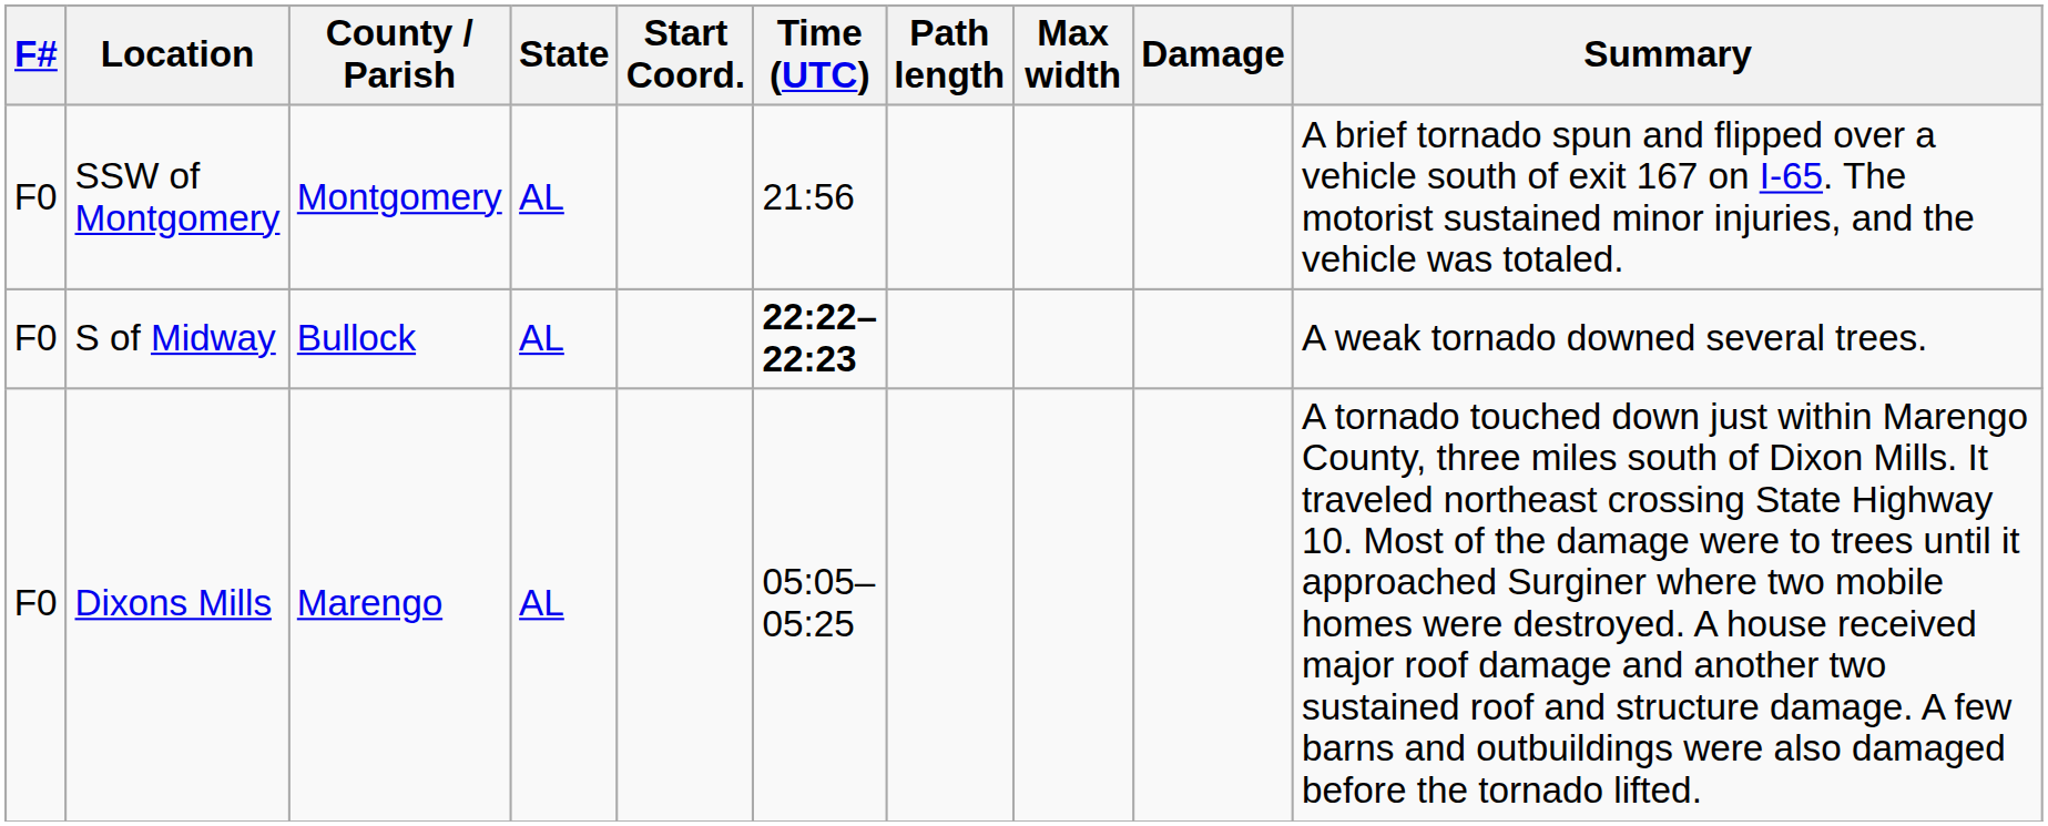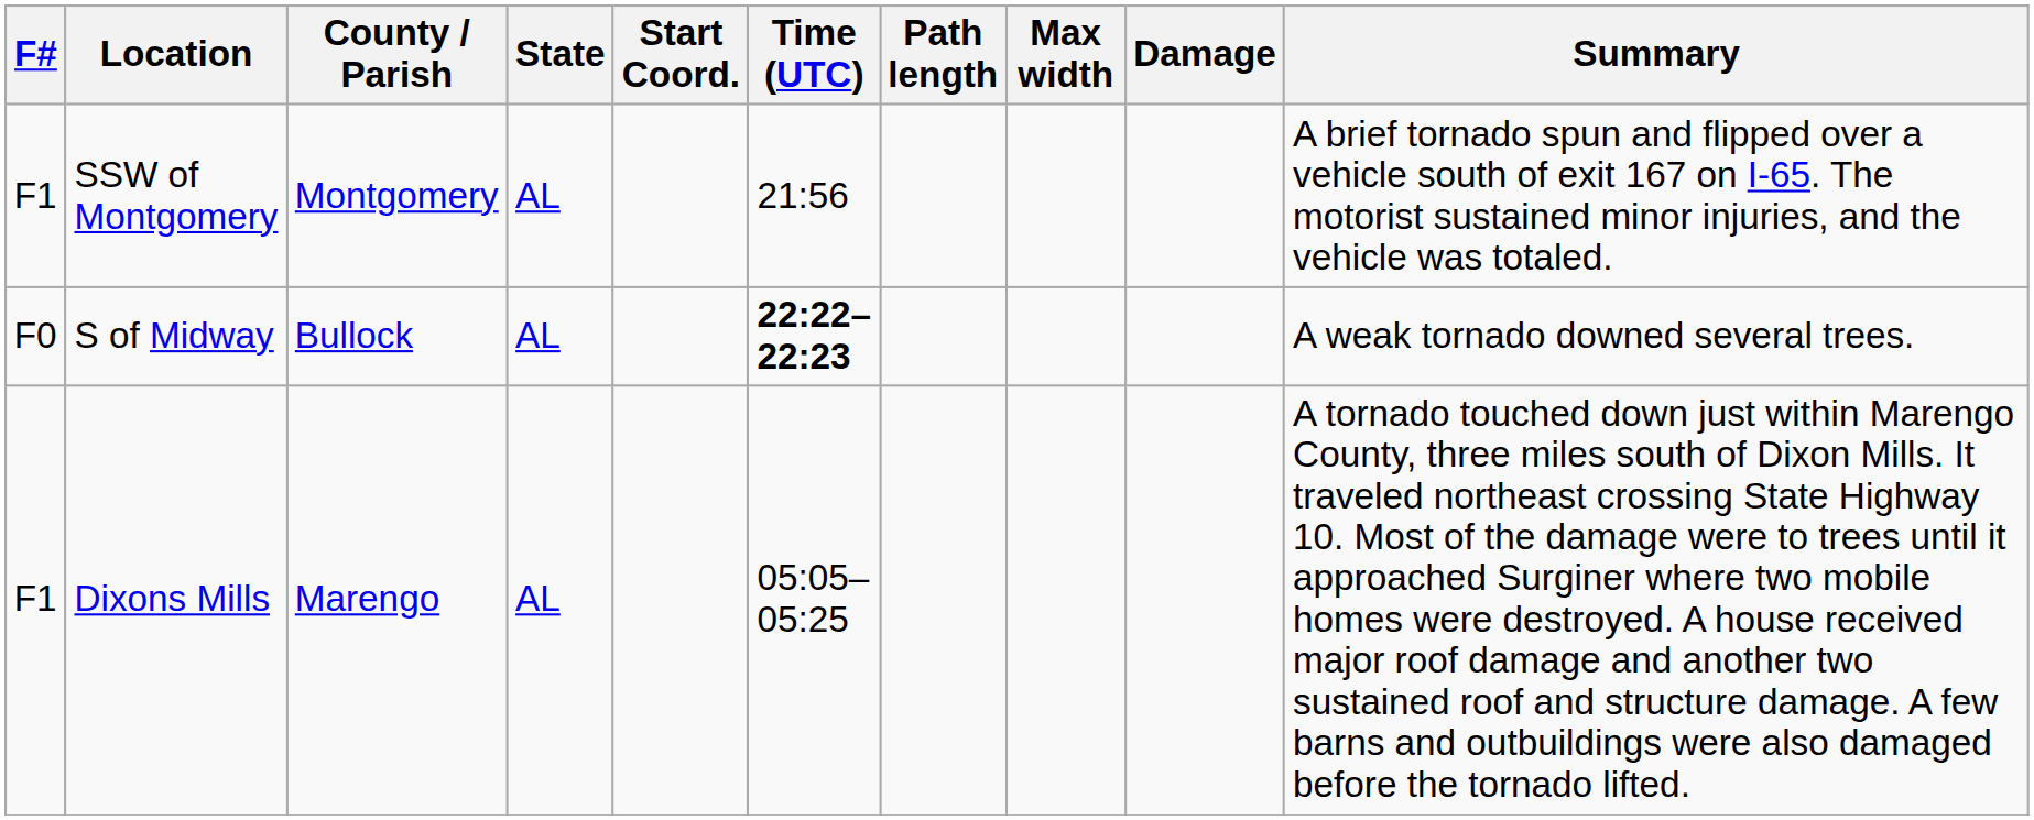 <table class="wikitable sortable" style="width:100%;">
 <tr>
 <th scope="col"  style="width:3%; text-align:center;"><a href='#'>F#</a></th>
 <th scope="col"  style="width:7%; text-align:center;" class="unsortable">Location</th>
 <th scope="col"  style="width:6%; text-align:center;" class="unsortable">County / Parish</th>
 <th scope="col"  style="width:5%; text-align:center;">State</th>
 <th scope="col"  style="width:6%; text-align:center;">Start Coord.</th>
 <th scope="col"  style="width:6%; text-align:center;">Time (<a href='#'>UTC</a>)</th>
 <th scope="col"  style="width:6%; text-align:center;">Path length</th>
 <th scope="col"  style="width:6%; text-align:center;">Max width</th>
 <th scope="col"  style="width:6%; text-align:center;">Damage</th>
 <th scope="col" class="unsortable" style="width:48%; text-align:center;">Summary</th>
 </tr>
 <tr>
-<td>F0</td>
+<td>F1</td>
 <td>SSW of <a href='#'>Montgomery</a></td>
 <td><a href='#'>Montgomery</a></td>
 <td><a href='#'>AL</a></td>
 <td></td>
 <td>21:56</td>
 <td></td>
 <td></td>
 <td></td>
 <td>A brief tornado spun and flipped over a vehicle south of exit 167 on <a href='#'>I-65</a>. The motorist sustained minor injuries, and the vehicle was totaled.</td>
 </tr>
 <tr>
 <td>F0</td>
 <td>S of <a href='#'>Midway</a></td>
 <td><a href='#'>Bullock</a></td>
 <td><a href='#'>AL</a></td>
 <td></td>
 <td><strong>22:22–22:23</strong></td>
 <td></td>
 <td></td>
 <td></td>
 <td>A weak tornado downed several trees.</td>
 </tr>
 <tr>
-<td>F0</td>
+<td>F1</td>
 <td><a href='#'>Dixons Mills</a></td>
 <td><a href='#'>Marengo</a></td>
 <td><a href='#'>AL</a></td>
 <td></td>
 <td>05:05–05:25</td>
 <td></td>
 <td></td>
 <td></td>
 <td>A tornado touched down just within Marengo County, three miles south of Dixon Mills. It traveled northeast crossing State Highway 10. Most of the damage were to trees until it approached Surginer where two mobile homes were destroyed. A house received major roof damage and another two sustained roof and structure damage. A few barns and outbuildings were also damaged before the tornado lifted.</td>
 </tr>
 <tr>
 </tr>
 </table>
